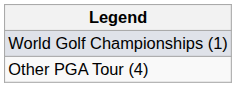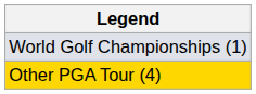 <table class="wikitable" style="font-size:95%;">
 <tr>
 <th>Legend</th>
 </tr>
 <tr style="background:#dfe2e9;">
 <td>World Golf Championships (1)</td>
 </tr>
 <tr>
-<td>Other PGA Tour (4)</td>
+<td style="background: gold;">Other PGA Tour (4)</td>
 </tr>
 </table>
